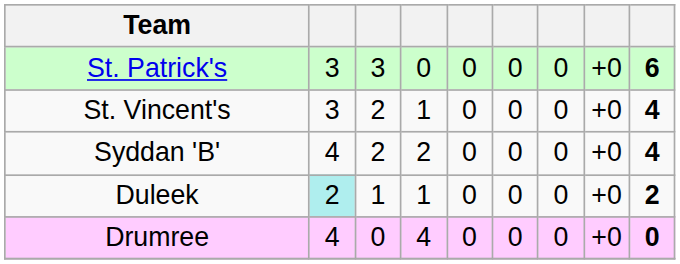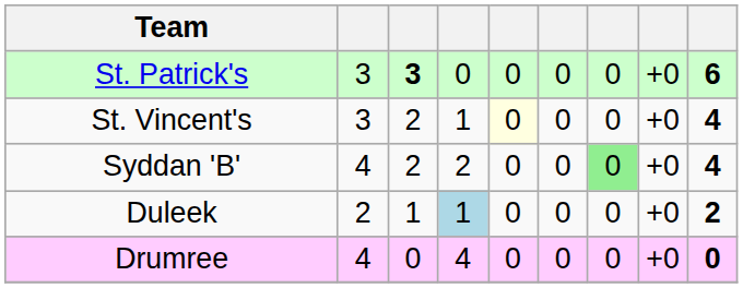 <table class="wikitable" style="text-align:center">
 <tr>
 <th width="175">Team</th>
 <th width="20"></th>
 <th width="20"></th>
 <th width="20"></th>
 <th width="20"></th>
 <th width="20"></th>
 <th width="20"></th>
 <th width="20"></th>
 <th width="20"></th>
 </tr>
 <tr style="background:#cfc;">
 <td><a href='#'>St. Patrick's</a></td>
 <td>3</td>
-<td>3</td>
+<td><strong>3</strong></td>
 <td>0</td>
 <td>0</td>
 <td>0</td>
 <td>0</td>
 <td>+0</td>
 <td><strong>6</strong></td>
 </tr>
 <tr>
 <td>St. Vincent's</td>
 <td>3</td>
 <td>2</td>
 <td>1</td>
-<td>0</td>
+<td style="background: lightyellow;">0</td>
 <td>0</td>
 <td>0</td>
 <td>+0</td>
 <td><strong>4</strong></td>
 </tr>
 <tr>
 <td>Syddan 'B'</td>
 <td>4</td>
 <td>2</td>
 <td>2</td>
 <td>0</td>
 <td>0</td>
-<td>0</td>
+<td style="background: lightgreen;">0</td>
 <td>+0</td>
 <td><strong>4</strong></td>
 </tr>
 <tr>
 <td>Duleek</td>
-<td style="background: paleturquoise;">2</td>
+<td>2</td>
 <td>1</td>
-<td>1</td>
+<td style="background: lightblue;">1</td>
 <td>0</td>
 <td>0</td>
 <td>0</td>
 <td>+0</td>
 <td><strong>2</strong></td>
 </tr>
 <tr style="background:#fcf;">
 <td>Drumree</td>
 <td>4</td>
 <td>0</td>
 <td>4</td>
 <td>0</td>
 <td>0</td>
 <td>0</td>
 <td>+0</td>
 <td><strong>0</strong></td>
 </tr>
 <tr>
 </tr>
 </table>
